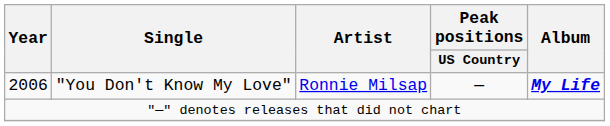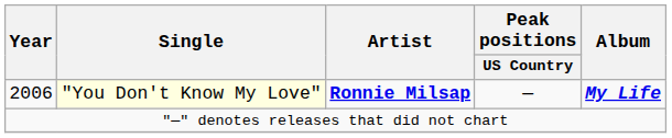 <table class="wikitable" style="text-align:center;">
 <tr>
 <th rowspan="2">Year</th>
 <th rowspan="2">Single</th>
 <th rowspan="2">Artist</th>
 <th colspan="1">Peak positions</th>
 <th rowspan="2">Album</th>
 </tr>
 <tr style="font-size:smaller;">
 <th width="50">US Country</th>
 </tr>
 <tr>
 <td>2006</td>
-<td align="left">"You Don't Know My Love"</td>
-<td><a href='#'>Ronnie Milsap</a></td>
+<td align="left" style="background: lightyellow;">"You Don't Know My Love"</td>
+<td><strong><a href='#'>Ronnie Milsap</a></strong></td>
 <td>—</td>
 <td align="left"><strong><em><a href='#'>My Life</a></em></strong></td>
 </tr>
 <tr>
 <td colspan="10" style="font-size:8pt">"—" denotes releases that did not chart</td>
 </tr>
 <tr>
 </tr>
 </table>
